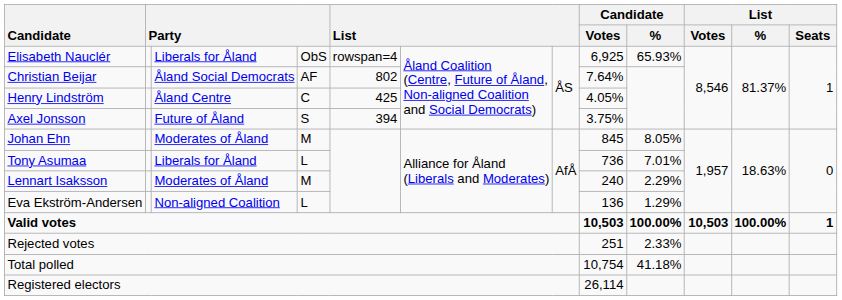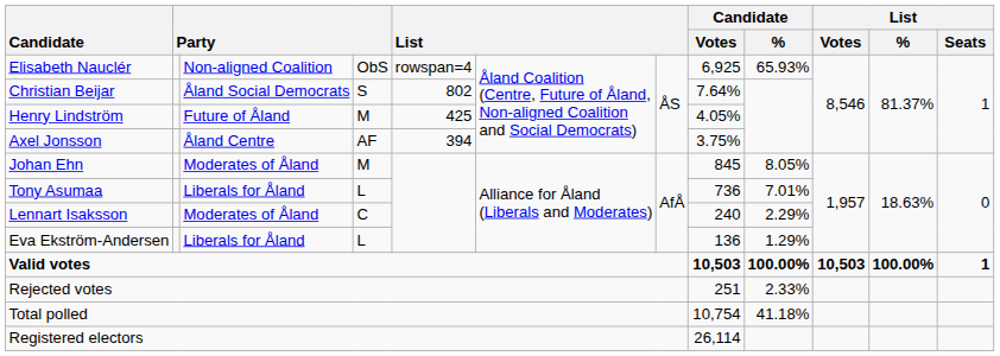 <table class="wikitable" border="1" style="text-align:right;">
 <tr>
 <th ! style="text-align:left;" valign=bottom rowspan=2>Candidate</th>
 <th style="text-align:left;" valign=bottom rowspan=2 colspan=3>Party</th>
 <th style="text-align:left;" valign=bottom rowspan=2 colspan=3>List</th>
 <th colspan=2>Candidate</th>
 <th colspan=3>List</th>
 </tr>
 <tr>
 <th align=center valign=bottom width="50">Votes</th>
 <th align=center valign=bottom width="50">%</th>
 <th align=center valign=bottom width="50">Votes</th>
 <th align=center valign=bottom width="50">%</th>
 <th align=center valign=bottom width="50">Seats</th>
 </tr>
 <tr>
 <td align=left><a href='#'>Elisabeth Nauclér</a></td>
 <td></td>
-<td align=left><a href='#'>Liberals for Åland</a></td>
+<td align=left><a href='#'>Non-aligned Coalition</a></td>
 <td align=left>ObS</td>
 <td>rowspan=4 </td>
 <td rowspan=4 align=left><a href='#'>Åland Coalition</a><br>(<a href='#'>Centre</a>, <a href='#'>Future of Åland</a>,<br><a href='#'>Non-aligned Coalition</a><br>and <a href='#'>Social Democrats</a>)</td>
 <td rowspan=4 align=left>ÅS</td>
 <td>6,925</td>
 <td>65.93%</td>
 <td rowspan=4>8,546</td>
 <td rowspan=4>81.37%</td>
 <td rowspan=4>1</td>
 </tr>
 <tr>
 <td align=left><a href='#'>Christian Beijar</a></td>
 <td></td>
 <td align=left><a href='#'>Åland Social Democrats</a></td>
-<td align=left>AF</td>
+<td align=left>S</td>
 <td>802</td>
 <td>7.64%</td>
 </tr>
 <tr>
 <td align=left><a href='#'>Henry Lindström</a></td>
 <td></td>
-<td align=left><a href='#'>Åland Centre</a></td>
-<td align=left>C</td>
+<td align=left><a href='#'>Future of Åland</a></td>
+<td align=left>M</td>
 <td>425</td>
 <td>4.05%</td>
 </tr>
 <tr>
 <td align=left><a href='#'>Axel Jonsson</a></td>
 <td></td>
-<td align=left><a href='#'>Future of Åland</a></td>
-<td align=left>S</td>
+<td align=left><a href='#'>Åland Centre</a></td>
+<td align=left>AF</td>
 <td>394</td>
 <td>3.75%</td>
 </tr>
 <tr>
 <td align=left><a href='#'>Johan Ehn</a></td>
 <td></td>
 <td align=left><a href='#'>Moderates of Åland</a></td>
 <td align=left>M</td>
 <td rowspan=4></td>
 <td rowspan=4 align=left>Alliance for Åland<br>(<a href='#'>Liberals</a> and <a href='#'>Moderates</a>)</td>
 <td rowspan=4 align=left>AfÅ</td>
 <td>845</td>
 <td>8.05%</td>
 <td rowspan=4>1,957</td>
 <td rowspan=4>18.63%</td>
 <td rowspan=4>0</td>
 </tr>
 <tr>
 <td align=left><a href='#'>Tony Asumaa</a></td>
 <td></td>
 <td align=left><a href='#'>Liberals for Åland</a></td>
 <td align=left>L</td>
 <td>736</td>
 <td>7.01%</td>
 </tr>
 <tr>
 <td align=left><a href='#'>Lennart Isaksson</a></td>
 <td></td>
 <td align=left><a href='#'>Moderates of Åland</a></td>
-<td align=left>M</td>
+<td align=left>C</td>
 <td>240</td>
 <td>2.29%</td>
 </tr>
 <tr>
 <td align=left>Eva Ekström-Andersen</td>
 <td></td>
-<td align=left><a href='#'>Non-aligned Coalition</a></td>
+<td align=left><a href='#'>Liberals for Åland</a></td>
 <td align=left>L</td>
 <td>136</td>
 <td>1.29%</td>
 </tr>
 <tr style="font-weight:bold">
 <td align=left colspan=7>Valid votes</td>
 <td>10,503</td>
 <td>100.00%</td>
 <td>10,503</td>
 <td>100.00%</td>
 <td>1</td>
 </tr>
 <tr>
 <td align=left colspan=7>Rejected votes</td>
 <td>251</td>
 <td>2.33%</td>
 <td></td>
 <td></td>
 <td></td>
 </tr>
 <tr>
 <td align=left colspan=7>Total polled</td>
 <td>10,754</td>
 <td>41.18%</td>
 <td></td>
 <td></td>
 <td></td>
 </tr>
 <tr>
 <td align=left colspan=7>Registered electors</td>
 <td>26,114</td>
 <td></td>
 <td></td>
 <td></td>
 <td></td>
 </tr>
 </table>
